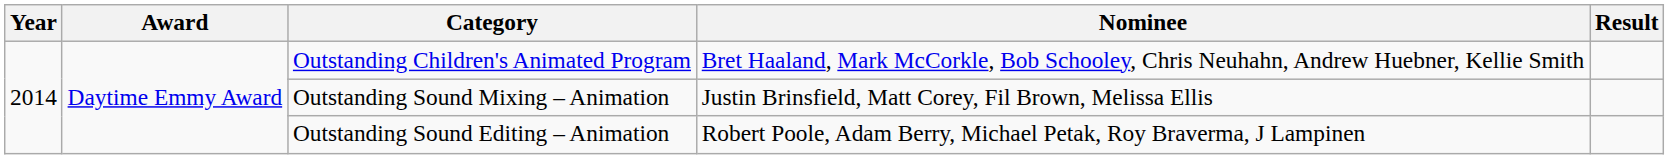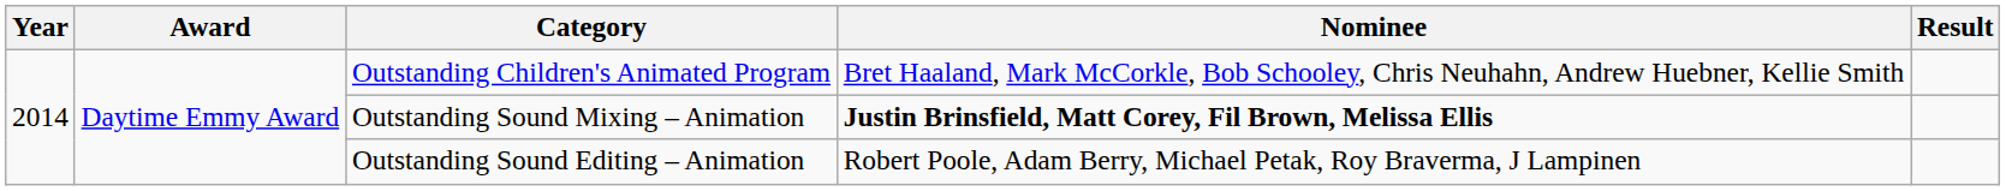 <table class=wikitable>
 <tr>
 <th>Year</th>
 <th>Award</th>
 <th>Category</th>
 <th>Nominee</th>
 <th>Result</th>
 </tr>
 <tr>
 <td rowspan="3">2014</td>
 <td rowspan="3"><a href='#'>Daytime Emmy Award</a></td>
 <td><a href='#'>Outstanding Children's Animated Program</a></td>
 <td><a href='#'>Bret Haaland</a>, <a href='#'>Mark McCorkle</a>, <a href='#'>Bob Schooley</a>, Chris Neuhahn, Andrew Huebner, Kellie Smith</td>
 <td></td>
 </tr>
 <tr>
 <td>Outstanding Sound Mixing – Animation</td>
-<td>Justin Brinsfield, Matt Corey, Fil Brown, Melissa Ellis</td>
+<td><strong>Justin Brinsfield, Matt Corey, Fil Brown, Melissa Ellis</strong></td>
 <td></td>
 </tr>
 <tr>
 <td>Outstanding Sound Editing – Animation</td>
 <td>Robert Poole, Adam Berry, Michael Petak, Roy Braverma, J Lampinen</td>
 <td></td>
 </tr>
 </table>
